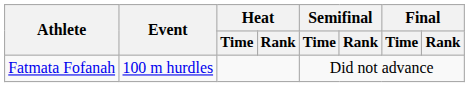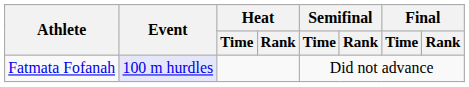 <table class=wikitable style="font-size:90%; text-align:center;">
 <tr>
 <th rowspan="2">Athlete</th>
 <th rowspan="2">Event</th>
 <th colspan="2">Heat</th>
 <th colspan="2">Semifinal</th>
 <th colspan="2">Final</th>
 </tr>
 <tr style="font-size:95%">
 <th>Time</th>
 <th>Rank</th>
 <th>Time</th>
 <th>Rank</th>
 <th>Time</th>
 <th>Rank</th>
 </tr>
 <tr>
 <td align=left><a href='#'>Fatmata Fofanah</a></td>
-<td align=left><a href='#'>100 m hurdles</a></td>
+<td align=left style="background: lavender;"><a href='#'>100 m hurdles</a></td>
 <td colspan=2></td>
 <td colspan=4 align=center>Did not advance</td>
 </tr>
 </table>
